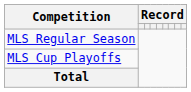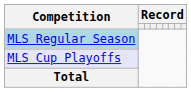 <table class="wikitable" style="text-align: center">
 <tr>
 <th rowspan=2>Competition</th>
 <th colspan=8>Record</th>
 </tr>
 <tr>
 <th></th>
 <th></th>
 <th></th>
 <th></th>
 <th></th>
 <th></th>
 <th></th>
 <th></th>
 </tr>
 <tr>
-<td align="left"><a href='#'>MLS Regular Season</a><br></td>
+<td align="left" style="background: lightblue;"><a href='#'>MLS Regular Season</a><br></td>
 </tr>
 <tr>
-<td align="left"><a href='#'>MLS Cup Playoffs</a><br></td>
+<td align="left" style="background: lavender;"><a href='#'>MLS Cup Playoffs</a><br></td>
 </tr>
 <tr>
 <th>Total<br></th>
 </tr>
 </table>
